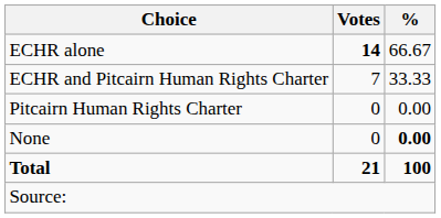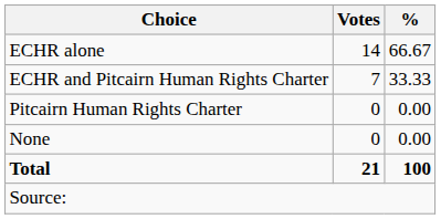 <table class=wikitable style=text-align:right>
 <tr>
 <th>Choice</th>
 <th>Votes</th>
 <th>%</th>
 </tr>
 <tr>
 <td align=left>ECHR alone</td>
-<td><strong>14</strong></td>
+<td>14</td>
 <td>66.67</td>
 </tr>
 <tr>
 <td align=left>ECHR and Pitcairn Human Rights Charter</td>
 <td>7</td>
 <td>33.33</td>
 </tr>
 <tr>
 <td align=left>Pitcairn Human Rights Charter</td>
 <td>0</td>
 <td>0.00</td>
 </tr>
 <tr>
 <td align=left>None</td>
 <td>0</td>
-<td><strong>0.00</strong></td>
+<td>0.00</td>
 </tr>
 <tr>
 <td align=left><strong>Total</strong></td>
 <td><strong>21</strong></td>
 <td><strong>100</strong></td>
 </tr>
 <tr>
 <td align=left colspan=3>Source: </td>
 </tr>
 </table>
